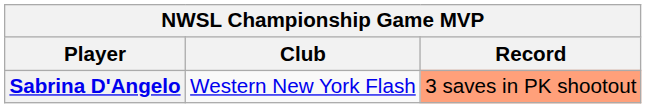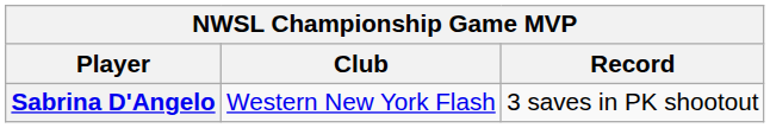 <table class="wikitable">
 <tr>
 <th colspan=3>NWSL Championship Game MVP</th>
 </tr>
 <tr>
 <th>Player</th>
 <th>Club</th>
 <th>Record</th>
 </tr>
 <tr>
 <th> <a href='#'>Sabrina D'Angelo</a></th>
 <td><a href='#'>Western New York Flash</a></td>
-<td style="background: lightsalmon;">3 saves in PK shootout</td>
+<td>3 saves in PK shootout</td>
 </tr>
 </table>
